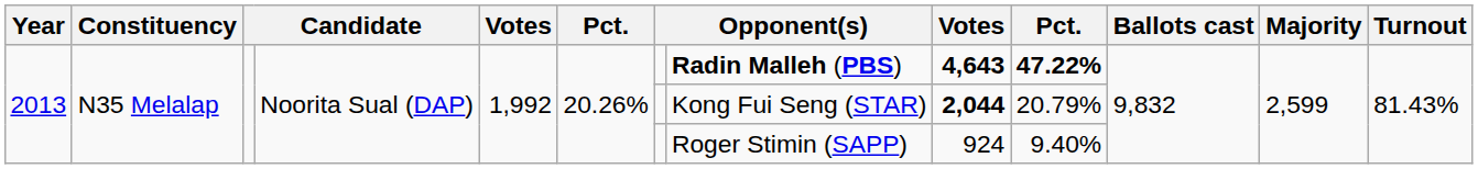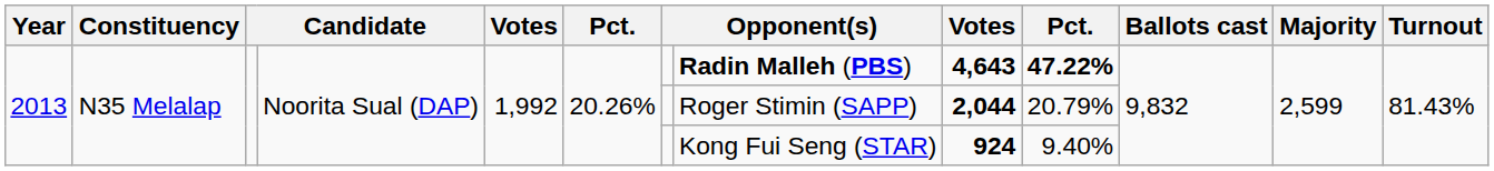 <table class="wikitable" style="margin:0.5em ; font-size:95%">
 <tr>
 <th>Year</th>
 <th>Constituency</th>
 <th colspan="2">Candidate</th>
 <th>Votes</th>
 <th>Pct.</th>
 <th colspan="2">Opponent(s)</th>
 <th>Votes</th>
 <th>Pct.</th>
 <th>Ballots cast</th>
 <th>Majority</th>
 <th>Turnout</th>
 </tr>
 <tr>
 <td rowspan="3"><a href='#'>2013</a></td>
 <td rowspan="3">N35 <a href='#'>Melalap</a></td>
 <td rowspan="3" ></td>
 <td rowspan="3">Noorita Sual (<a href='#'>DAP</a>)</td>
 <td rowspan="3" align=right>1,992</td>
 <td rowspan="3">20.26%</td>
 <td></td>
 <td><strong>Radin Malleh</strong> (<a href='#'><strong>PBS</strong></a>)</td>
 <td align=right><strong>4,643</strong></td>
 <td><strong>47.22%</strong></td>
 <td rowspan="3">9,832</td>
 <td rowspan="3">2,599</td>
 <td rowspan="3">81.43%</td>
 </tr>
 <tr>
 <td bgcolor = ></td>
-<td>Kong Fui Seng (<a href='#'>STAR</a>)</td>
+<td>Roger Stimin (<a href='#'>SAPP</a>)</td>
 <td align=right><strong>2,044</strong></td>
 <td>20.79%</td>
 </tr>
 <tr>
 <td bgcolor = ></td>
-<td>Roger Stimin (<a href='#'>SAPP</a>)</td>
-<td align=right>924</td>
+<td>Kong Fui Seng (<a href='#'>STAR</a>)</td>
+<td align=right><strong>924</strong></td>
 <td align=right>9.40%</td>
 </tr>
 </table>
